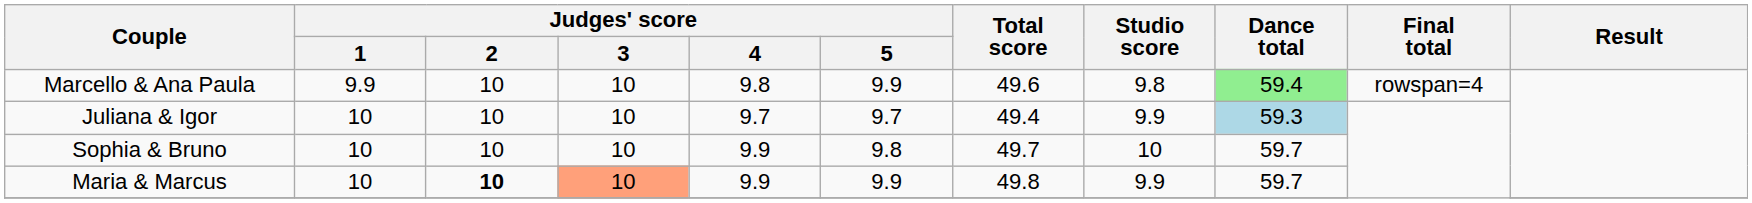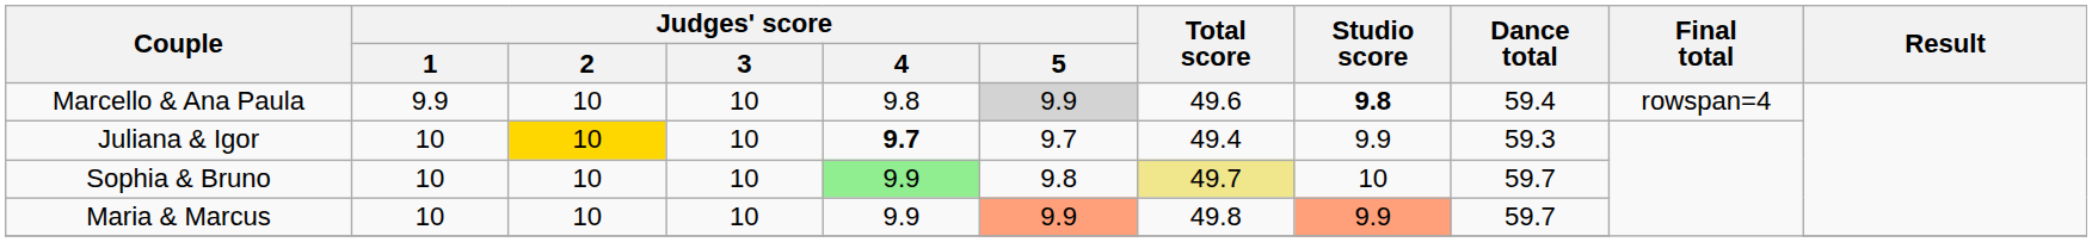 <table class="wikitable" style="font-size:100%; line-height:16px; text-align:center" width="100%">
 <tr>
 <th rowspan=2 width="11.0%">Couple</th>
 <th colspan=5 width="25.0%">Judges' score</th>
 <th rowspan=2 width="05.0%">Total<br>score</th>
 <th rowspan=2 width="05.0%">Studio<br>score</th>
 <th rowspan=2 width="05.0%">Dance<br>total</th>
 <th rowspan=2 width="05.0%">Final<br>total</th>
 <th rowspan=2 width="09.0%">Result</th>
 </tr>
 <tr>
 <th width="05.0%">1</th>
 <th width="05.0%">2</th>
 <th width="05.0%">3</th>
 <th width="05.0%">4</th>
 <th width="05.0%">5</th>
 </tr>
 <tr>
 <td>Marcello & Ana Paula</td>
 <td>9.9</td>
 <td>10</td>
 <td>10</td>
 <td>9.8</td>
-<td>9.9</td>
+<td style="background: lightgrey;">9.9</td>
 <td>49.6</td>
-<td>9.8</td>
-<td style="background: lightgreen;">59.4</td>
+<td><strong>9.8</strong></td>
+<td>59.4</td>
 <td>rowspan=4 </td>
 <td rowspan=4></td>
 </tr>
 <tr>
 <td>Juliana & Igor</td>
 <td>10</td>
+<td style="background: gold;">10</td>
 <td>10</td>
-<td>10</td>
-<td>9.7</td>
+<td><strong>9.7</strong></td>
 <td>9.7</td>
 <td>49.4</td>
 <td>9.9</td>
-<td style="background: lightblue;">59.3</td>
+<td>59.3</td>
 </tr>
 <tr>
 <td>Sophia & Bruno</td>
 <td>10</td>
 <td>10</td>
 <td>10</td>
-<td>9.9</td>
+<td style="background: lightgreen;">9.9</td>
 <td>9.8</td>
-<td>49.7</td>
+<td style="background: khaki;">49.7</td>
 <td>10</td>
 <td>59.7</td>
 </tr>
 <tr>
 <td>Maria & Marcus</td>
 <td>10</td>
-<td><strong>10</strong></td>
-<td style="background: lightsalmon;">10</td>
+<td>10</td>
+<td>10</td>
 <td>9.9</td>
-<td>9.9</td>
+<td style="background: lightsalmon;">9.9</td>
 <td>49.8</td>
-<td>9.9</td>
+<td style="background: lightsalmon;">9.9</td>
 <td>59.7</td>
 </tr>
 <tr>
 </tr>
 </table>
